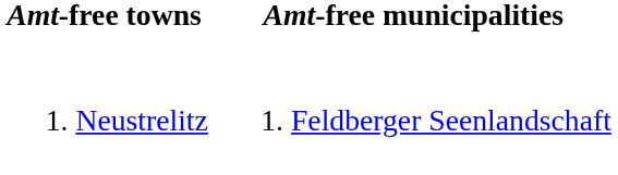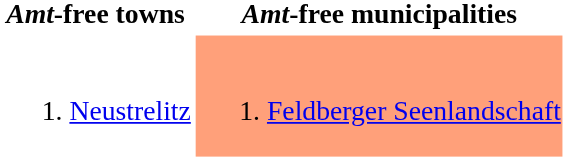 <table>
 <tr ---->
 <th><em>Amt</em>-free towns</th>
 <th><em>Amt</em>-free municipalities</th>
 </tr>
 <tr>
 <td valign=top><br><ol><li><a href='#'>Neustrelitz</a></li></ol></td>
-<td valign=top><br><ol><li><a href='#'>Feldberger Seenlandschaft</a></li></ol></td>
+<td valign=top style="background: lightsalmon;"><br><ol><li><a href='#'>Feldberger Seenlandschaft</a></li></ol></td>
 </tr>
 </table>
